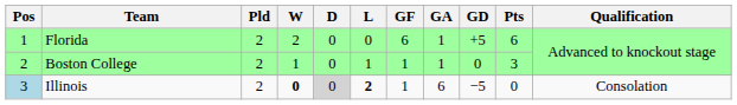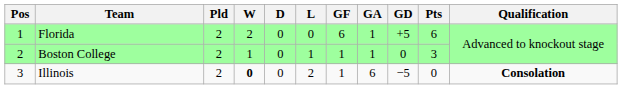 <table class="wikitable" style="text-align:center; margin: 1em auto">
 <tr>
 <th style=width:2em>Pos</th>
 <th style=width:13em>Team</th>
 <th style=width:2em>Pld</th>
 <th style=width:2em>W</th>
 <th style=width:2em>D</th>
 <th style=width:2em>L</th>
 <th style=width:2em>GF</th>
 <th style=width:2em>GA</th>
 <th style=width:2em>GD</th>
 <th style=width:2em>Pts</th>
 <th style=width:13em>Qualification</th>
 </tr>
 <tr bgcolor="#9eff9e">
 <td>1</td>
 <td style="text-align:left">Florida</td>
 <td>2</td>
 <td>2</td>
 <td>0</td>
 <td>0</td>
 <td>6</td>
 <td>1</td>
 <td>+5</td>
 <td>6</td>
 <td rowspan="2">Advanced to knockout stage</td>
 </tr>
 <tr bgcolor="#9eff9e">
 <td>2</td>
 <td style="text-align:left">Boston College</td>
 <td>2</td>
 <td>1</td>
 <td>0</td>
 <td>1</td>
 <td>1</td>
 <td>1</td>
 <td>0</td>
 <td>3</td>
 </tr>
 <tr>
-<td style="background: lightblue;">3</td>
+<td>3</td>
 <td style="text-align:left">Illinois</td>
 <td>2</td>
 <td><strong>0</strong></td>
-<td style="background: lightgrey;">0</td>
-<td><strong>2</strong></td>
+<td>0</td>
+<td>2</td>
 <td>1</td>
 <td>6</td>
 <td>−5</td>
 <td>0</td>
-<td>Consolation</td>
+<td><strong>Consolation</strong></td>
 </tr>
 </table>
